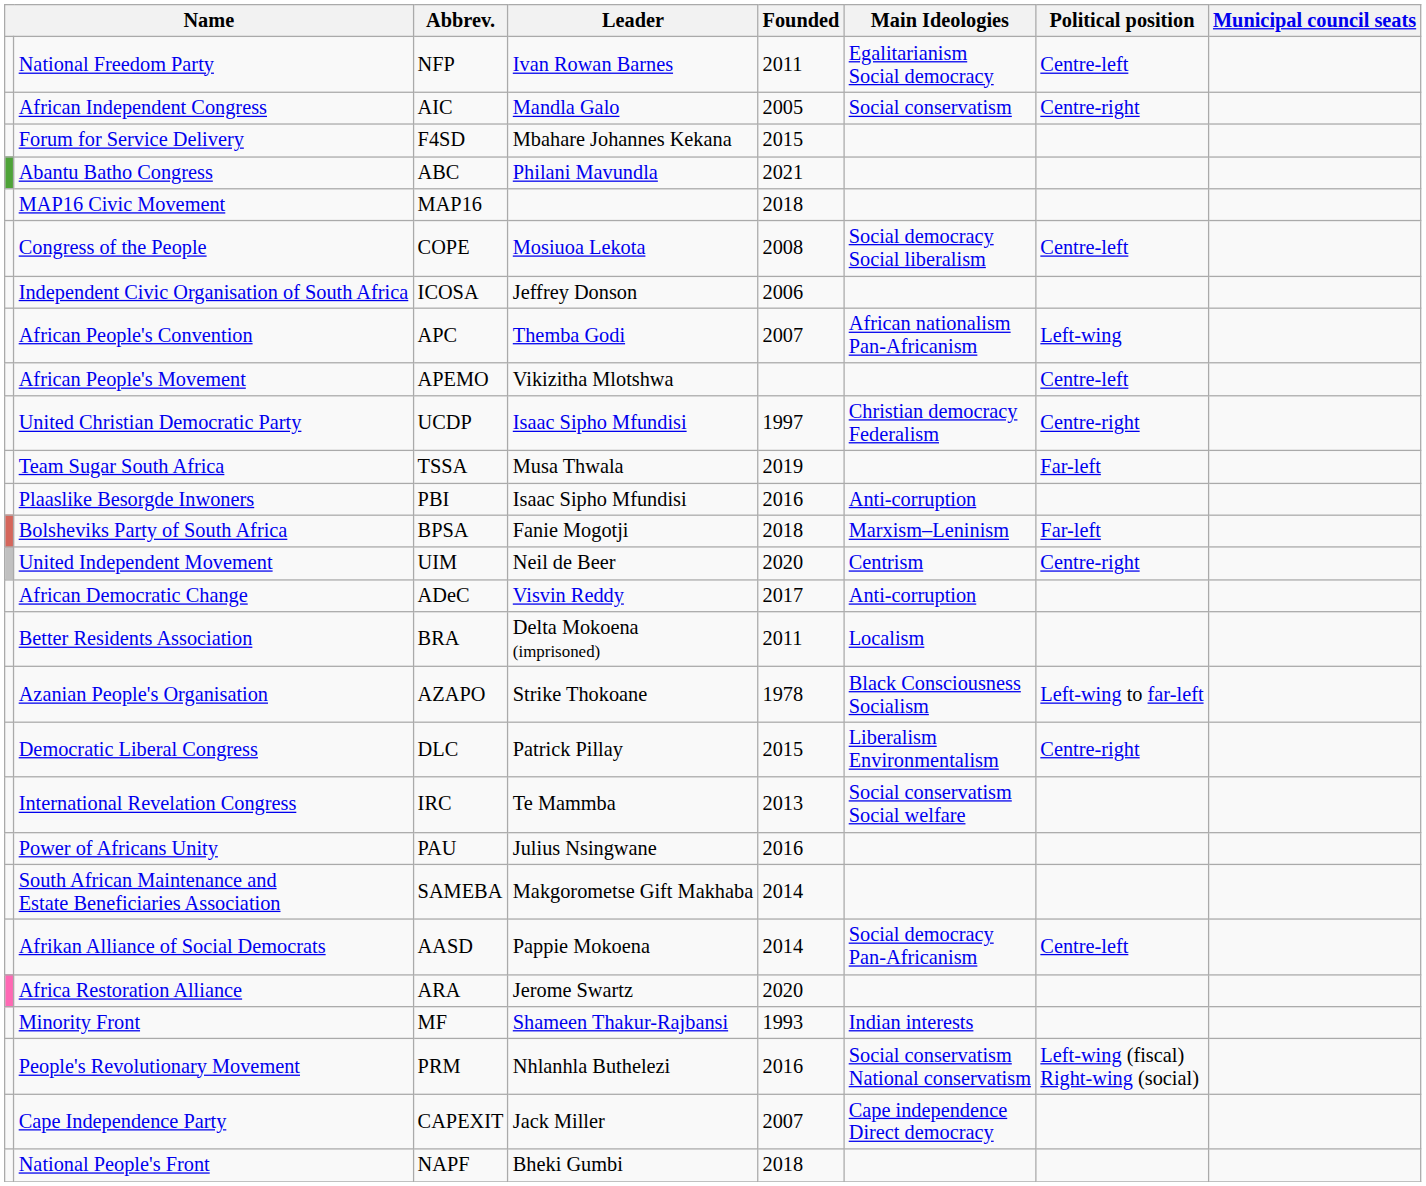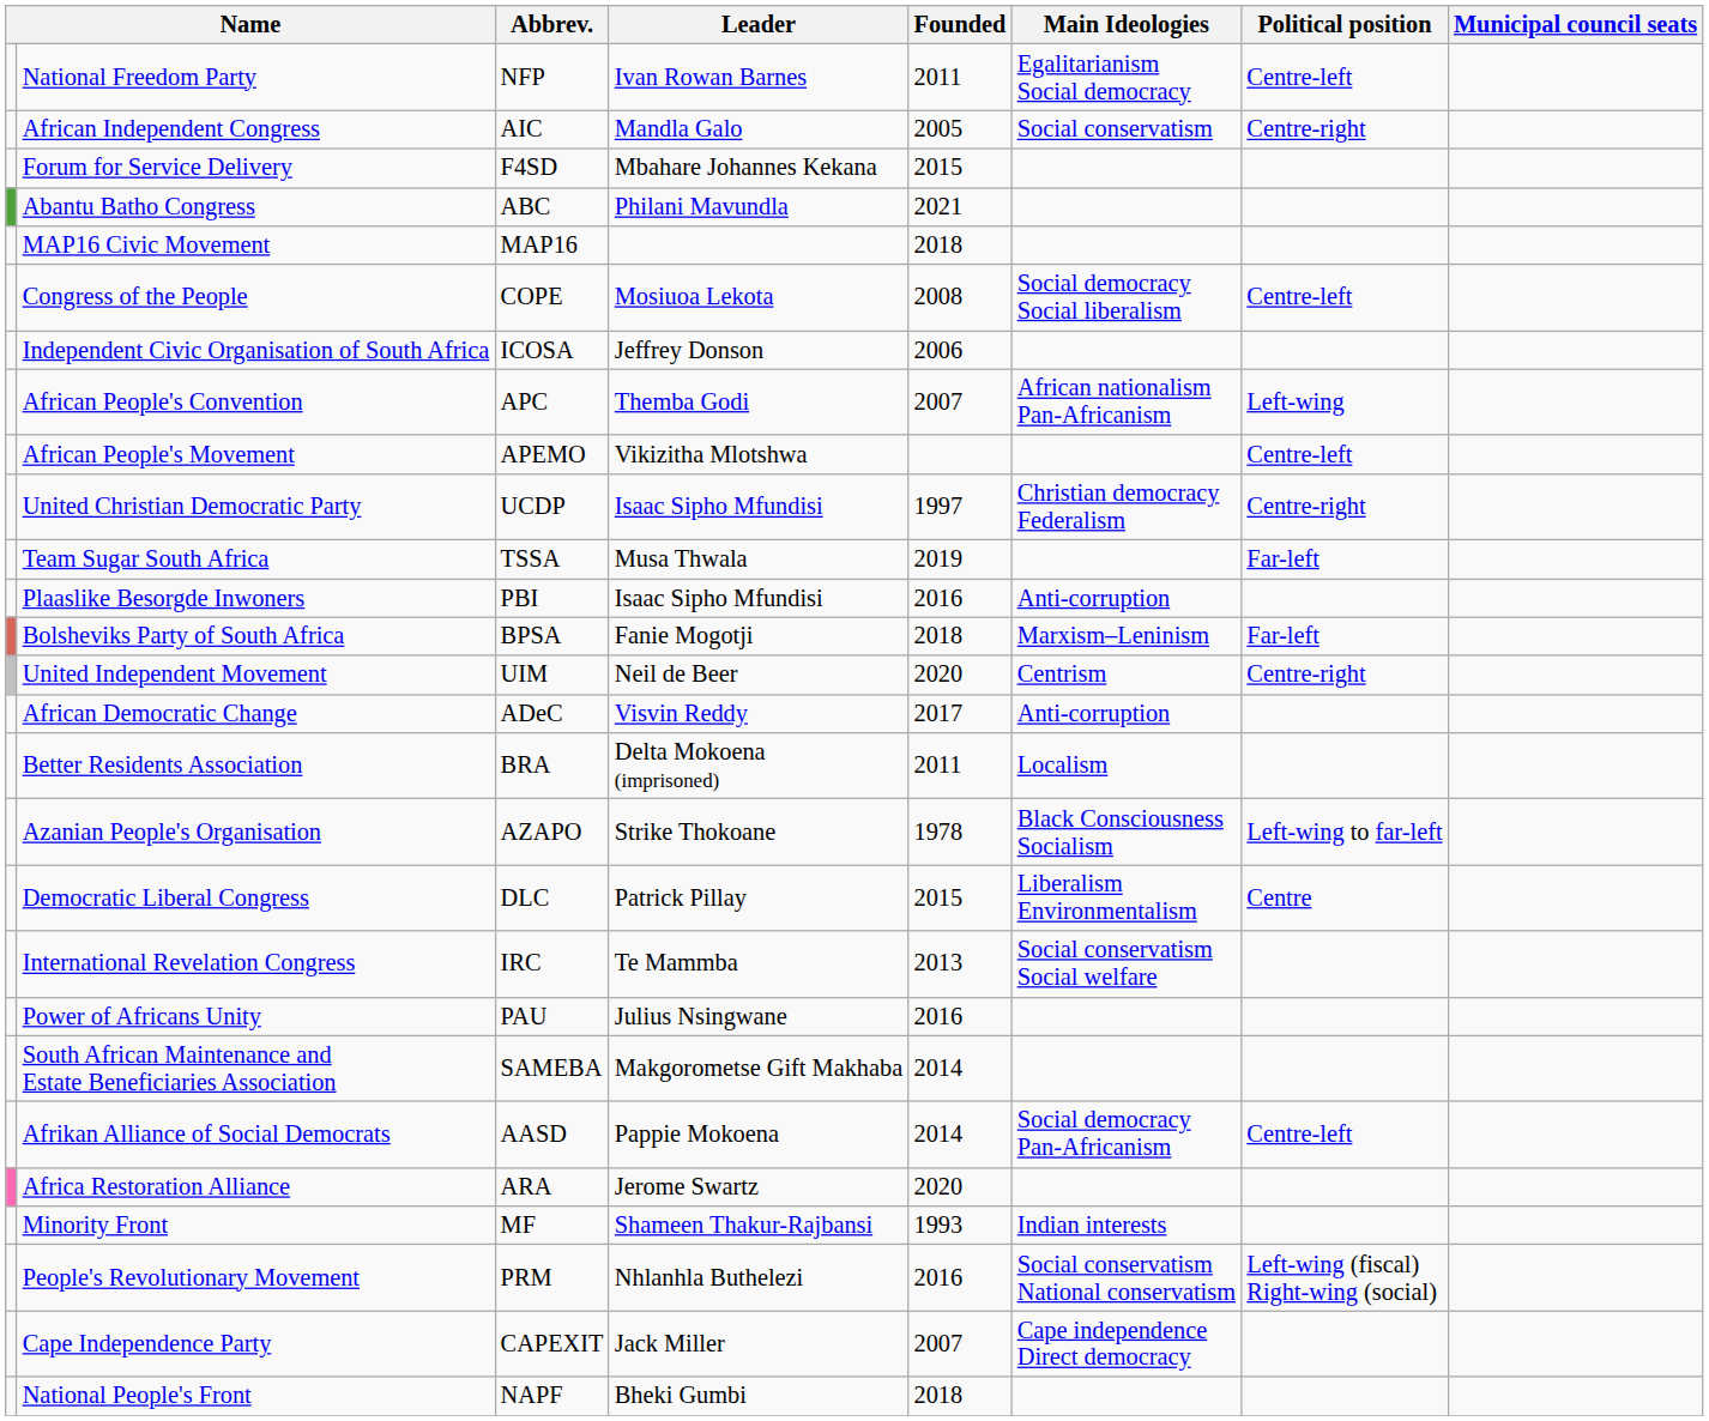 <table class="wikitable sortable">
 <tr>
 <th colspan="2">Name</th>
 <th>Abbrev.</th>
 <th>Leader</th>
 <th>Founded</th>
 <th>Main Ideologies</th>
 <th>Political position</th>
 <th><a href='#'>Municipal council seats</a></th>
 </tr>
 <tr>
 <td></td>
 <td><a href='#'>National Freedom Party</a></td>
 <td>NFP</td>
 <td><a href='#'>Ivan Rowan Barnes</a></td>
 <td>2011</td>
 <td><a href='#'>Egalitarianism</a><br><a href='#'>Social democracy</a></td>
 <td><a href='#'>Centre-left</a></td>
 <td></td>
 </tr>
 <tr>
 <td></td>
 <td><a href='#'>African Independent Congress</a></td>
 <td>AIC</td>
 <td><a href='#'>Mandla Galo</a></td>
 <td>2005</td>
 <td><a href='#'>Social conservatism</a></td>
 <td><a href='#'>Centre-right</a></td>
 <td></td>
 </tr>
 <tr>
 <td bgcolor=></td>
 <td><a href='#'>Forum for Service Delivery</a></td>
 <td>F4SD</td>
 <td>Mbahare Johannes Kekana</td>
 <td>2015</td>
 <td></td>
 <td></td>
 <td></td>
 </tr>
 <tr>
 <td bgcolor=#4EA338></td>
 <td><a href='#'>Abantu Batho Congress</a></td>
 <td>ABC</td>
 <td><a href='#'>Philani Mavundla</a></td>
 <td>2021</td>
 <td></td>
 <td></td>
 <td></td>
 </tr>
 <tr>
 <td bgcolor=></td>
 <td><a href='#'>MAP16 Civic Movement</a></td>
 <td>MAP16</td>
 <td></td>
 <td>2018</td>
 <td></td>
 <td></td>
 <td></td>
 </tr>
 <tr>
 <td></td>
 <td><a href='#'>Congress of the People</a></td>
 <td>COPE</td>
 <td><a href='#'>Mosiuoa Lekota</a></td>
 <td>2008</td>
 <td><a href='#'>Social democracy</a><br><a href='#'>Social liberalism</a></td>
 <td><a href='#'>Centre-left</a></td>
 <td></td>
 </tr>
 <tr>
 <td bgcolor=></td>
 <td><a href='#'>Independent Civic Organisation of South Africa</a></td>
 <td>ICOSA</td>
 <td>Jeffrey Donson</td>
 <td>2006</td>
 <td></td>
 <td></td>
 <td></td>
 </tr>
 <tr>
 <td bgcolor=></td>
 <td><a href='#'>African People's Convention</a></td>
 <td>APC</td>
 <td><a href='#'>Themba Godi</a></td>
 <td>2007</td>
 <td><a href='#'>African nationalism</a><br><a href='#'>Pan-Africanism</a></td>
 <td><a href='#'>Left-wing</a></td>
 <td></td>
 </tr>
 <tr>
 <td bgcolor=></td>
 <td><a href='#'>African People's Movement</a></td>
 <td>APEMO</td>
 <td>Vikizitha Mlotshwa</td>
 <td></td>
 <td></td>
 <td><a href='#'>Centre-left</a></td>
 <td></td>
 </tr>
 <tr>
 <td bgcolor=></td>
 <td><a href='#'>United Christian Democratic Party</a></td>
 <td>UCDP</td>
 <td><a href='#'>Isaac Sipho Mfundisi</a></td>
 <td>1997</td>
 <td><a href='#'>Christian democracy</a><br><a href='#'>Federalism</a></td>
 <td><a href='#'>Centre-right</a></td>
 <td></td>
 </tr>
 <tr>
 <td bgcolor=></td>
 <td><a href='#'>Team Sugar South Africa</a></td>
 <td>TSSA</td>
 <td>Musa Thwala</td>
 <td>2019</td>
 <td></td>
 <td><a href='#'>Far-left</a></td>
 <td></td>
 </tr>
 <tr>
 <td bgcolor=></td>
 <td><a href='#'>Plaaslike Besorgde Inwoners</a><br><small></small></td>
 <td>PBI</td>
 <td>Isaac Sipho Mfundisi</td>
 <td>2016</td>
 <td><a href='#'>Anti-corruption</a></td>
 <td></td>
 <td></td>
 </tr>
 <tr>
 <td bgcolor=#D5665B></td>
 <td><a href='#'>Bolsheviks Party of South Africa</a></td>
 <td>BPSA</td>
 <td>Fanie Mogotji</td>
 <td>2018</td>
 <td><a href='#'>Marxism–Leninism</a></td>
 <td><a href='#'>Far-left</a></td>
 <td></td>
 </tr>
 <tr>
 <td bgcolor=silver></td>
 <td><a href='#'>United Independent Movement</a></td>
 <td>UIM</td>
 <td>Neil de Beer</td>
 <td>2020</td>
 <td><a href='#'>Centrism</a></td>
 <td><a href='#'>Centre-right</a></td>
 <td></td>
 </tr>
 <tr>
 <td bgcolor=></td>
 <td><a href='#'>African Democratic Change</a></td>
 <td>ADeC</td>
 <td><a href='#'>Visvin Reddy</a></td>
 <td>2017</td>
 <td><a href='#'>Anti-corruption</a></td>
 <td></td>
 <td></td>
 </tr>
 <tr>
 <td bgcolor=></td>
 <td><a href='#'>Better Residents Association</a></td>
 <td>BRA</td>
 <td>Delta Mokoena<br><small>(imprisoned)</small></td>
 <td>2011</td>
 <td><a href='#'>Localism</a></td>
 <td></td>
 <td></td>
 </tr>
 <tr>
 <td bgcolor=></td>
 <td><a href='#'>Azanian People's Organisation</a></td>
 <td>AZAPO</td>
 <td>Strike Thokoane</td>
 <td>1978</td>
 <td><a href='#'>Black Consciousness</a><br><a href='#'>Socialism</a></td>
 <td><a href='#'>Left-wing</a> to <a href='#'>far-left</a></td>
 <td></td>
 </tr>
 <tr>
 <td bgcolor=></td>
 <td><a href='#'>Democratic Liberal Congress</a></td>
 <td>DLC</td>
 <td>Patrick Pillay</td>
 <td>2015</td>
 <td><a href='#'>Liberalism</a><br><a href='#'>Environmentalism</a></td>
-<td><a href='#'>Centre-right</a></td>
+<td><a href='#'>Centre</a></td>
 <td></td>
 </tr>
 <tr>
 <td bgcolor=></td>
 <td><a href='#'>International Revelation Congress</a></td>
 <td>IRC</td>
 <td>Te Mammba</td>
 <td>2013</td>
 <td><a href='#'>Social conservatism</a><br><a href='#'>Social welfare</a></td>
 <td></td>
 <td></td>
 </tr>
 <tr>
 <td bgcolor=></td>
 <td><a href='#'>Power of Africans Unity</a></td>
 <td>PAU</td>
 <td>Julius Nsingwane</td>
 <td>2016</td>
 <td></td>
 <td></td>
 <td></td>
 </tr>
 <tr>
 <td bgcolor=></td>
 <td><a href='#'>South African Maintenance and<br>Estate Beneficiaries Association</a></td>
 <td>SAMEBA</td>
 <td>Makgorometse Gift Makhaba</td>
 <td>2014</td>
 <td></td>
 <td></td>
 <td></td>
 </tr>
 <tr>
 <td bgcolor=></td>
 <td><a href='#'>Afrikan Alliance of Social Democrats</a></td>
 <td>AASD</td>
 <td>Pappie Mokoena</td>
 <td>2014</td>
 <td><a href='#'>Social democracy</a><br><a href='#'>Pan-Africanism</a></td>
 <td><a href='#'>Centre-left</a></td>
 <td></td>
 </tr>
 <tr>
 <td bgcolor=hotpink></td>
 <td><a href='#'>Africa Restoration Alliance</a></td>
 <td>ARA</td>
 <td>Jerome Swartz</td>
 <td>2020</td>
 <td></td>
 <td></td>
 <td></td>
 </tr>
 <tr>
 <td bgcolor=></td>
 <td><a href='#'>Minority Front</a></td>
 <td>MF</td>
 <td><a href='#'>Shameen Thakur-Rajbansi</a></td>
 <td>1993</td>
 <td><a href='#'>Indian interests</a></td>
 <td></td>
 <td></td>
 </tr>
 <tr>
 <td bgcolor=></td>
 <td><a href='#'>People's Revolutionary Movement</a></td>
 <td>PRM</td>
 <td>Nhlanhla Buthelezi</td>
 <td>2016</td>
 <td><a href='#'>Social conservatism</a><br><a href='#'>National conservatism</a></td>
 <td><a href='#'>Left-wing</a> (fiscal)<br><a href='#'>Right-wing</a> (social)</td>
 <td></td>
 </tr>
 <tr>
 <td bgcolor=></td>
 <td><a href='#'>Cape Independence Party</a></td>
 <td>CAPEXIT</td>
 <td>Jack Miller</td>
 <td>2007</td>
 <td><a href='#'>Cape independence</a><br><a href='#'>Direct democracy</a></td>
 <td></td>
 <td></td>
 </tr>
 <tr>
 <td bgcolor=></td>
 <td><a href='#'>National People's Front</a></td>
 <td>NAPF</td>
 <td>Bheki Gumbi</td>
 <td>2018</td>
 <td></td>
 <td></td>
 <td></td>
 </tr>
 </table>
